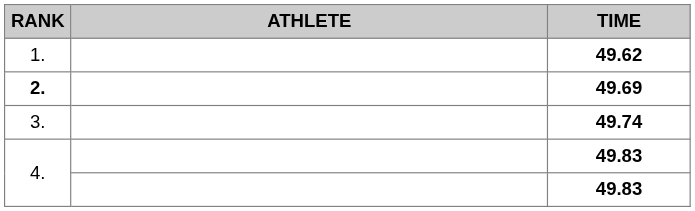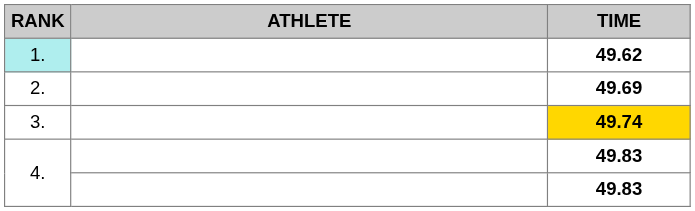 <table border="1" cellspacing="2" cellpadding="5" style="border-collapse: collapse; font-size: 100%;">
 <tr bgcolor="cccccc">
 <th>RANK</th>
 <th align="center" style="width: 25em">ATHLETE</th>
 <th align="center" style="width: 7em">TIME</th>
 </tr>
 <tr>
-<td align="center">1.</td>
+<td align="center" style="background: paleturquoise;">1.</td>
 <td></td>
 <td align="center"><strong>49.62</strong></td>
 </tr>
 <tr>
-<td align="center"><strong>2.</strong></td>
+<td align="center">2.</td>
 <td></td>
 <td align="center"><strong>49.69</strong></td>
 </tr>
 <tr>
 <td align="center">3.</td>
 <td></td>
-<td align="center"><strong>49.74</strong></td>
+<td align="center" style="background: gold;"><strong>49.74</strong></td>
 </tr>
 <tr>
 <td rowspan=2 align="center">4.</td>
 <td></td>
 <td align="center"><strong>49.83</strong></td>
 </tr>
 <tr>
 <td></td>
 <td align="center"><strong>49.83</strong></td>
 </tr>
 </table>
